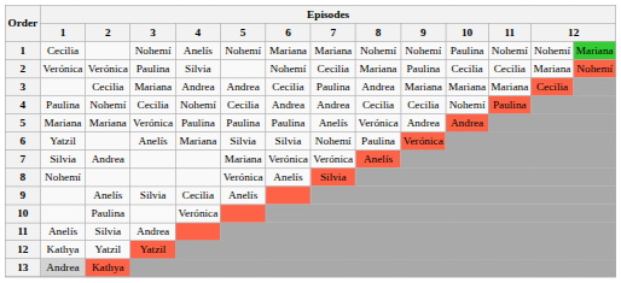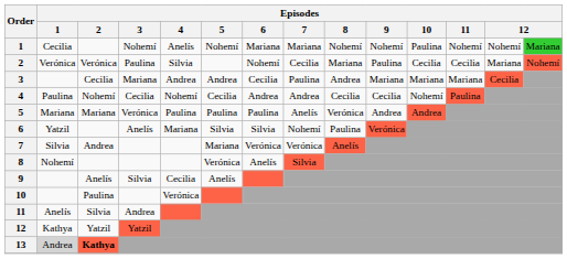 <table class="wikitable" style="text-align:center; font-size:92%">
 <tr>
 <th rowspan=2>Order</th>
 <th colspan=13>Episodes</th>
 </tr>
 <tr>
 <th>1</th>
 <th>2</th>
 <th>3</th>
 <th>4</th>
 <th>5</th>
 <th>6</th>
 <th>7</th>
 <th>8</th>
 <th>9</th>
 <th>10</th>
 <th>11</th>
 <th colspan=2>12</th>
 </tr>
 <tr>
 <th>1</th>
 <td>Cecilia</td>
 <td></td>
 <td>Nohemí</td>
 <td>Anelís</td>
 <td>Nohemí</td>
 <td>Mariana</td>
 <td>Mariana</td>
 <td>Nohemí</td>
 <td>Nohemí</td>
 <td>Paulina</td>
 <td>Nohemí</td>
 <td>Nohemí</td>
 <td bgcolor="limegreen">Mariana</td>
 </tr>
 <tr>
 <th>2</th>
 <td>Verónica</td>
 <td>Verónica</td>
 <td>Paulina</td>
 <td>Silvia</td>
 <td></td>
 <td>Nohemí</td>
 <td>Cecilia</td>
 <td>Mariana</td>
 <td>Paulina</td>
 <td>Cecilia</td>
 <td>Cecilia</td>
 <td>Mariana</td>
 <td bgcolor="tomato">Nohemí</td>
 </tr>
 <tr>
 <th>3</th>
 <td></td>
 <td>Cecilia</td>
 <td>Mariana</td>
 <td>Andrea</td>
 <td>Andrea</td>
 <td>Cecilia</td>
 <td>Paulina</td>
 <td>Andrea</td>
 <td>Mariana</td>
 <td>Mariana</td>
 <td>Mariana</td>
 <td bgcolor="tomato">Cecilia</td>
 <td bgcolor="A9A9A9"></td>
 </tr>
 <tr>
 <th>4</th>
 <td>Paulina</td>
 <td>Nohemí</td>
 <td>Cecilia</td>
 <td>Nohemí</td>
 <td>Cecilia</td>
 <td>Andrea</td>
 <td>Andrea</td>
 <td>Cecilia</td>
 <td>Cecilia</td>
 <td>Nohemí</td>
 <td bgcolor="tomato">Paulina</td>
 <td colspan=2 bgcolor="A9A9A9"></td>
 </tr>
 <tr>
 <th>5</th>
 <td>Mariana</td>
 <td>Mariana</td>
 <td>Verónica</td>
 <td>Paulina</td>
 <td>Paulina</td>
 <td>Paulina</td>
 <td>Anelís</td>
 <td>Verónica</td>
 <td>Andrea</td>
 <td bgcolor="tomato">Andrea</td>
 <td colspan=3 bgcolor="A9A9A9"></td>
 </tr>
 <tr>
 <th>6</th>
 <td>Yatzil</td>
 <td></td>
 <td>Anelís</td>
 <td>Mariana</td>
 <td>Silvia</td>
 <td>Silvia</td>
 <td>Nohemí</td>
 <td>Paulina</td>
 <td bgcolor="tomato">Verónica</td>
 <td colspan=4 bgcolor="A9A9A9"></td>
 </tr>
 <tr>
 <th>7</th>
 <td>Silvia</td>
 <td>Andrea</td>
 <td></td>
 <td></td>
 <td>Mariana</td>
 <td>Verónica</td>
 <td>Verónica</td>
 <td bgcolor="tomato">Anelís</td>
 <td colspan=5 bgcolor="A9A9A9"></td>
 </tr>
 <tr>
 <th>8</th>
 <td>Nohemí</td>
 <td></td>
 <td></td>
 <td></td>
 <td>Verónica</td>
 <td>Anelís</td>
 <td bgcolor="tomato">Silvia</td>
 <td colspan=6 bgcolor="A9A9A9"></td>
 </tr>
 <tr>
 <th>9</th>
 <td></td>
 <td>Anelís</td>
 <td>Silvia</td>
 <td>Cecilia</td>
 <td>Anelís</td>
 <td bgcolor="tomato"></td>
 <td colspan=7 bgcolor="A9A9A9"></td>
 </tr>
 <tr>
 <th>10</th>
 <td></td>
 <td>Paulina</td>
 <td></td>
 <td>Verónica</td>
 <td bgcolor="tomato"></td>
 <td colspan=8 bgcolor="A9A9A9"></td>
 </tr>
 <tr>
 <th>11</th>
 <td>Anelís</td>
 <td>Silvia</td>
 <td>Andrea</td>
 <td bgcolor="tomato"></td>
 <td colspan=9 bgcolor="A9A9A9"></td>
 </tr>
 <tr>
 <th>12</th>
 <td>Kathya</td>
 <td>Yatzil</td>
 <td bgcolor="tomato">Yatzil</td>
 <td colspan=10 bgcolor="A9A9A9"></td>
 </tr>
 <tr>
 <th>13</th>
 <td style="background: lightgrey;">Andrea</td>
-<td bgcolor="tomato">Kathya</td>
+<td bgcolor="tomato"><strong>Kathya</strong></td>
 <td colspan=11 bgcolor="A9A9A9"></td>
 </tr>
 <tr>
 </tr>
 </table>
